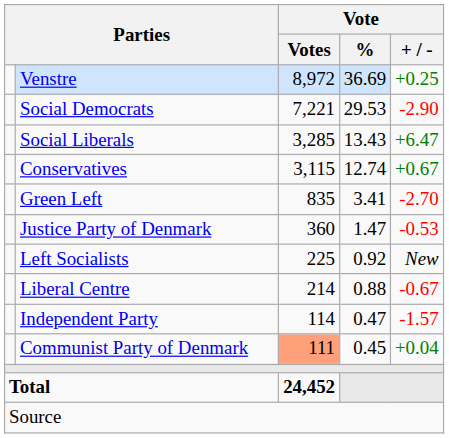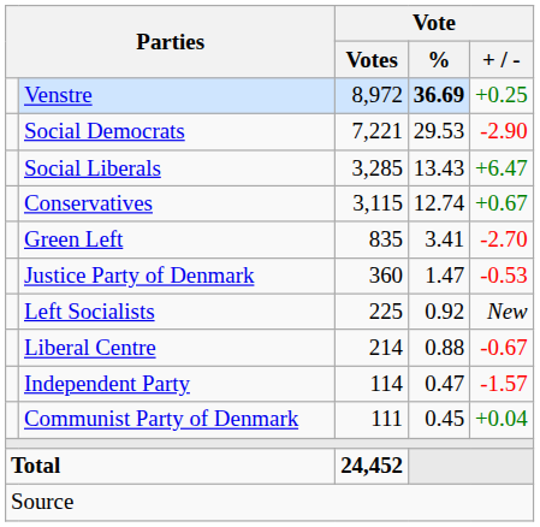 <table class="wikitable" style="text-align:right;">
 <tr>
 <th style="text-align:centre;" rowspan="2" colspan="2" width="225">Parties</th>
 <th colspan="3">Vote</th>
 </tr>
 <tr>
 <th width="15">Votes</th>
 <th width="15">%</th>
 <th width="15">+ / -</th>
 </tr>
 <tr>
 <td width="2" style="color:inherit;background:"></td>
 <td bgcolor=#cfe5fe  align="left"><a href='#'>Venstre</a></td>
 <td bgcolor=#cfe5fe>8,972</td>
-<td bgcolor=#cfe5fe>36.69</td>
+<td bgcolor=#cfe5fe><strong>36.69</strong></td>
 <td style=color:green;>+0.25</td>
 </tr>
 <tr>
 <td width="2" style="color:inherit;background:"></td>
 <td align="left"><a href='#'>Social Democrats</a></td>
 <td>7,221</td>
 <td>29.53</td>
 <td style=color:red;>-2.90</td>
 </tr>
 <tr>
 <td width="2" style="color:inherit;background:"></td>
 <td align="left"><a href='#'>Social Liberals</a></td>
 <td>3,285</td>
 <td>13.43</td>
 <td style=color:green;>+6.47</td>
 </tr>
 <tr>
 <td width="2" style="color:inherit;background:"></td>
 <td align="left"><a href='#'>Conservatives</a></td>
 <td>3,115</td>
 <td>12.74</td>
 <td style=color:green;>+0.67</td>
 </tr>
 <tr>
 <td width="2" style="color:inherit;background:"></td>
 <td align="left"><a href='#'>Green Left</a></td>
 <td>835</td>
 <td>3.41</td>
 <td style=color:red;>-2.70</td>
 </tr>
 <tr>
 <td width="2" style="color:inherit;background:"></td>
 <td align="left"><a href='#'>Justice Party of Denmark</a></td>
 <td>360</td>
 <td>1.47</td>
 <td style=color:red;>-0.53</td>
 </tr>
 <tr>
 <td width="2" style="color:inherit;background:"></td>
 <td align="left"><a href='#'>Left Socialists</a></td>
 <td>225</td>
 <td>0.92</td>
 <td><em>New</em></td>
 </tr>
 <tr>
 <td width="2" style="color:inherit;background:"></td>
 <td align="left"><a href='#'>Liberal Centre</a></td>
 <td>214</td>
 <td>0.88</td>
 <td style=color:red;>-0.67</td>
 </tr>
 <tr>
 <td width="2" style="color:inherit;background:"></td>
 <td align="left"><a href='#'>Independent Party</a></td>
 <td>114</td>
 <td>0.47</td>
 <td style=color:red;>-1.57</td>
 </tr>
 <tr>
 <td width="2" style="color:inherit;background:"></td>
 <td align="left"><a href='#'>Communist Party of Denmark</a></td>
-<td style="background: lightsalmon;">111</td>
+<td>111</td>
 <td>0.45</td>
 <td style=color:green;>+0.04</td>
 </tr>
 <tr>
 <td colspan="7" bgcolor="#E9E9E9"></td>
 </tr>
 <tr>
 <td align="left" colspan="2"><strong>Total</strong></td>
 <td><strong>24,452</strong></td>
 <td bgcolor="#E9E9E9" colspan="2"></td>
 </tr>
 <tr>
 <td align="left" colspan="6">Source</td>
 </tr>
 </table>
